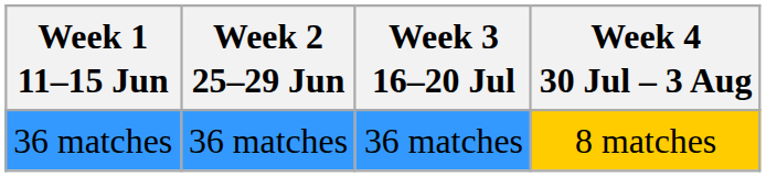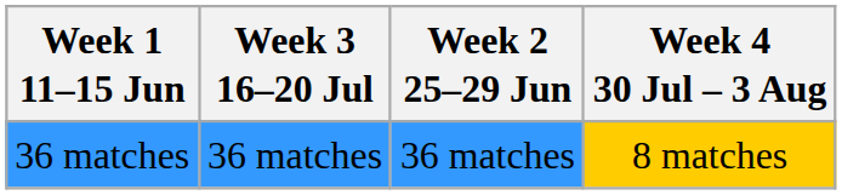 <table class="wikitable" style="margin:0.9em auto; font-size:90%; line-height:1.25em; width:800">
 <tr>
 <th>Week 1<br>11–15 Jun</th>
+<th>Week 3<br>16–20 Jul</th>
 <th>Week 2<br>25–29 Jun</th>
-<th>Week 3<br>16–20 Jul</th>
 <th>Week 4<br>30 Jul – 3 Aug</th>
 </tr>
 <tr align="center">
 <td bgcolor=#3399ff>36 matches</td>
 <td bgcolor=#3399ff>36 matches</td>
 <td bgcolor=#3399ff>36 matches</td>
 <td bgcolor=#ffcc00>8 matches</td>
 </tr>
 </table>
